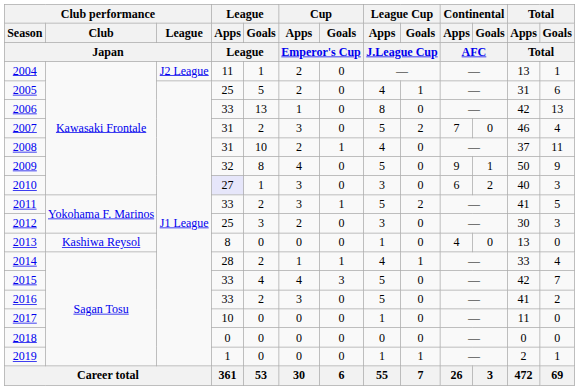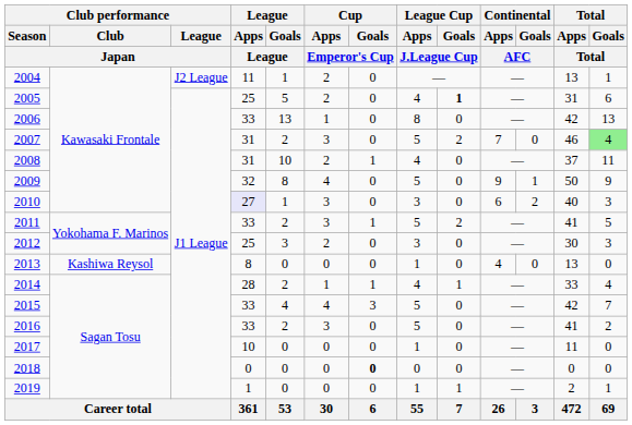 <table class="wikitable" style="text-align:center">
 <tr>
 <th colspan=3>Club performance</th>
 <th colspan=2>League</th>
 <th colspan=2>Cup</th>
 <th colspan=2>League Cup</th>
 <th colspan=2>Continental</th>
 <th colspan=2>Total</th>
 </tr>
 <tr>
 <th>Season</th>
 <th>Club</th>
 <th>League</th>
 <th>Apps</th>
 <th>Goals</th>
 <th>Apps</th>
 <th>Goals</th>
 <th>Apps</th>
 <th>Goals</th>
 <th>Apps</th>
 <th>Goals</th>
 <th>Apps</th>
 <th>Goals</th>
 </tr>
 <tr>
 <th colspan=3>Japan</th>
 <th colspan=2>League</th>
 <th colspan=2><a href='#'>Emperor's Cup</a></th>
 <th colspan=2><a href='#'>J.League Cup</a></th>
 <th colspan=2><a href='#'>AFC</a></th>
 <th colspan=2>Total</th>
 </tr>
 <tr>
 <td><a href='#'>2004</a></td>
 <td rowspan="7"><a href='#'>Kawasaki Frontale</a></td>
 <td><a href='#'>J2 League</a></td>
 <td>11</td>
 <td>1</td>
 <td>2</td>
 <td>0</td>
 <td colspan="2">—</td>
 <td colspan="2">—</td>
 <td>13</td>
 <td>1</td>
 </tr>
 <tr>
 <td><a href='#'>2005</a></td>
 <td rowspan="15"><a href='#'>J1 League</a></td>
 <td>25</td>
 <td>5</td>
 <td>2</td>
 <td>0</td>
 <td>4</td>
-<td>1</td>
+<td><strong>1</strong></td>
 <td colspan="2">—</td>
 <td>31</td>
 <td>6</td>
 </tr>
 <tr>
 <td><a href='#'>2006</a></td>
 <td>33</td>
 <td>13</td>
 <td>1</td>
 <td>0</td>
 <td>8</td>
 <td>0</td>
 <td colspan="2">—</td>
 <td>42</td>
 <td>13</td>
 </tr>
 <tr>
 <td><a href='#'>2007</a></td>
 <td>31</td>
 <td>2</td>
 <td>3</td>
 <td>0</td>
 <td>5</td>
 <td>2</td>
 <td>7</td>
 <td>0</td>
 <td>46</td>
-<td>4</td>
+<td style="background: lightgreen;">4</td>
 </tr>
 <tr>
 <td><a href='#'>2008</a></td>
 <td>31</td>
 <td>10</td>
 <td>2</td>
 <td>1</td>
 <td>4</td>
 <td>0</td>
 <td colspan="2">—</td>
 <td>37</td>
 <td>11</td>
 </tr>
 <tr>
 <td><a href='#'>2009</a></td>
 <td>32</td>
 <td>8</td>
 <td>4</td>
 <td>0</td>
 <td>5</td>
 <td>0</td>
 <td>9</td>
 <td>1</td>
 <td>50</td>
 <td>9</td>
 </tr>
 <tr>
 <td><a href='#'>2010</a></td>
 <td style="background: lavender;">27</td>
 <td>1</td>
 <td>3</td>
 <td>0</td>
 <td>3</td>
 <td>0</td>
 <td>6</td>
 <td>2</td>
 <td>40</td>
 <td>3</td>
 </tr>
 <tr>
 <td><a href='#'>2011</a></td>
 <td rowspan="2"><a href='#'>Yokohama F. Marinos</a></td>
 <td>33</td>
 <td>2</td>
 <td>3</td>
 <td>1</td>
 <td>5</td>
 <td>2</td>
 <td colspan="2">—</td>
 <td>41</td>
 <td>5</td>
 </tr>
 <tr>
 <td><a href='#'>2012</a></td>
 <td>25</td>
 <td>3</td>
 <td>2</td>
 <td>0</td>
 <td>3</td>
 <td>0</td>
 <td colspan="2">—</td>
 <td>30</td>
 <td>3</td>
 </tr>
 <tr>
 <td><a href='#'>2013</a></td>
 <td><a href='#'>Kashiwa Reysol</a></td>
 <td>8</td>
 <td>0</td>
 <td>0</td>
 <td>0</td>
 <td>1</td>
 <td>0</td>
 <td>4</td>
 <td>0</td>
 <td>13</td>
 <td>0</td>
 </tr>
 <tr>
 <td><a href='#'>2014</a></td>
 <td rowspan="6"><a href='#'>Sagan Tosu</a></td>
 <td>28</td>
 <td>2</td>
 <td>1</td>
 <td>1</td>
 <td>4</td>
 <td>1</td>
 <td colspan="2">—</td>
 <td>33</td>
 <td>4</td>
 </tr>
 <tr>
 <td><a href='#'>2015</a></td>
 <td>33</td>
 <td>4</td>
 <td>4</td>
 <td>3</td>
 <td>5</td>
 <td>0</td>
 <td colspan="2">—</td>
 <td>42</td>
 <td>7</td>
 </tr>
 <tr>
 <td><a href='#'>2016</a></td>
 <td>33</td>
 <td>2</td>
 <td>3</td>
 <td>0</td>
 <td>5</td>
 <td>0</td>
 <td colspan="2">—</td>
 <td>41</td>
 <td>2</td>
 </tr>
 <tr>
 <td><a href='#'>2017</a></td>
 <td>10</td>
 <td>0</td>
 <td>0</td>
 <td>0</td>
 <td>1</td>
 <td>0</td>
 <td colspan="2">—</td>
 <td>11</td>
 <td>0</td>
 </tr>
 <tr>
 <td><a href='#'>2018</a></td>
 <td>0</td>
 <td>0</td>
 <td>0</td>
-<td>0</td>
+<td><strong>0</strong></td>
 <td>0</td>
 <td>0</td>
 <td colspan="2">—</td>
 <td>0</td>
 <td>0</td>
 </tr>
 <tr>
 <td><a href='#'>2019</a></td>
 <td>1</td>
 <td>0</td>
 <td>0</td>
 <td>0</td>
 <td>1</td>
 <td>1</td>
 <td colspan="2">—</td>
 <td>2</td>
 <td>1</td>
 </tr>
 <tr>
 <th colspan=3>Career total</th>
 <th>361</th>
 <th>53</th>
 <th>30</th>
 <th>6</th>
 <th>55</th>
 <th>7</th>
 <th>26</th>
 <th>3</th>
 <th>472</th>
 <th>69</th>
 </tr>
 </table>
